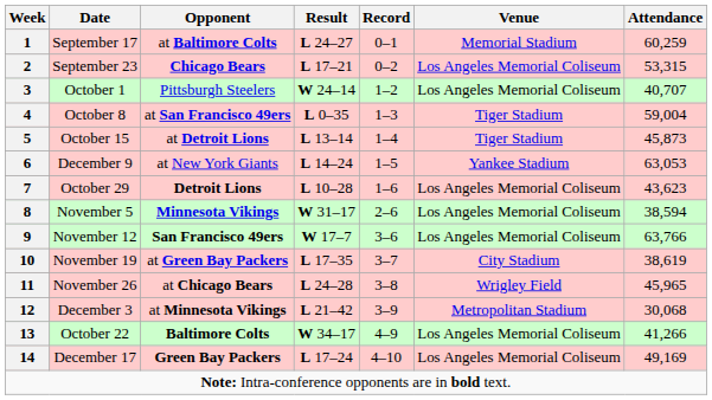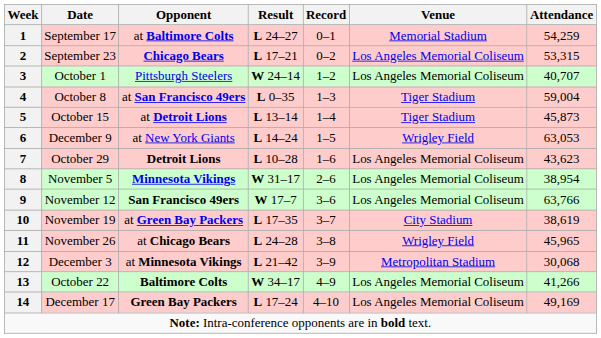 <table class="wikitable" style="text-align:center">
 <tr>
 <th>Week</th>
 <th>Date</th>
 <th>Opponent</th>
 <th>Result</th>
 <th>Record</th>
 <th>Venue</th>
 <th>Attendance</th>
 </tr>
 <tr style="background:#fcc">
 <th>1</th>
 <td>September 17</td>
 <td>at <strong><a href='#'>Baltimore Colts</a></strong></td>
 <td><strong>L</strong> 24–27</td>
 <td>0–1</td>
 <td><a href='#'>Memorial Stadium</a></td>
-<td>60,259</td>
+<td>54,259</td>
 </tr>
 <tr style="background:#fcc">
 <th>2</th>
 <td>September 23</td>
 <td><strong><a href='#'>Chicago Bears</a></strong></td>
 <td><strong>L</strong> 17–21</td>
 <td>0–2</td>
 <td><a href='#'>Los Angeles Memorial Coliseum</a></td>
 <td>53,315</td>
 </tr>
 <tr style="background:#cfc">
 <th>3</th>
 <td>October 1</td>
 <td><a href='#'>Pittsburgh Steelers</a></td>
 <td><strong>W</strong> 24–14</td>
 <td>1–2</td>
 <td>Los Angeles Memorial Coliseum</td>
 <td>40,707</td>
 </tr>
 <tr style="background:#fcc">
 <th>4</th>
 <td>October 8</td>
 <td>at <strong><a href='#'>San Francisco 49ers</a></strong></td>
 <td><strong>L</strong> 0–35</td>
 <td>1–3</td>
 <td><a href='#'>Tiger Stadium</a></td>
 <td>59,004</td>
 </tr>
 <tr style="background:#fcc">
 <th>5</th>
 <td>October 15</td>
 <td>at <strong><a href='#'>Detroit Lions</a></strong></td>
 <td><strong>L</strong> 13–14</td>
 <td>1–4</td>
 <td><a href='#'>Tiger Stadium</a></td>
 <td>45,873</td>
 </tr>
 <tr style="background:#fcc">
 <th>6</th>
 <td>December 9</td>
 <td>at <a href='#'>New York Giants</a></td>
 <td><strong>L</strong> 14–24</td>
 <td>1–5</td>
-<td><a href='#'>Yankee Stadium</a></td>
+<td><a href='#'>Wrigley Field</a></td>
 <td>63,053</td>
 </tr>
 <tr style="background:#fcc">
 <th>7</th>
 <td>October 29</td>
 <td><strong>Detroit Lions</strong></td>
 <td><strong>L</strong> 10–28</td>
 <td>1–6</td>
 <td>Los Angeles Memorial Coliseum</td>
 <td>43,623</td>
 </tr>
 <tr style="background:#cfc">
 <th>8</th>
 <td>November 5</td>
 <td><strong><a href='#'>Minnesota Vikings</a></strong></td>
 <td><strong>W</strong> 31–17</td>
 <td>2–6</td>
 <td>Los Angeles Memorial Coliseum</td>
-<td>38,594</td>
+<td>38,954</td>
 </tr>
 <tr style="background:#cfc">
 <th>9</th>
 <td>November 12</td>
 <td><strong>San Francisco 49ers</strong></td>
 <td><strong>W</strong> 17–7</td>
 <td>3–6</td>
 <td>Los Angeles Memorial Coliseum</td>
 <td>63,766</td>
 </tr>
 <tr style="background:#fcc">
 <th>10</th>
 <td>November 19</td>
 <td>at <strong><a href='#'>Green Bay Packers</a></strong></td>
 <td><strong>L</strong> 17–35</td>
 <td>3–7</td>
 <td><a href='#'>City Stadium</a></td>
 <td>38,619</td>
 </tr>
 <tr style="background:#fcc">
 <th>11</th>
 <td>November 26</td>
 <td>at <strong>Chicago Bears</strong></td>
 <td><strong>L</strong> 24–28</td>
 <td>3–8</td>
 <td><a href='#'>Wrigley Field</a></td>
 <td>45,965</td>
 </tr>
 <tr style="background:#fcc">
 <th>12</th>
 <td>December 3</td>
 <td>at <strong>Minnesota Vikings</strong></td>
 <td><strong>L</strong> 21–42</td>
 <td>3–9</td>
 <td><a href='#'>Metropolitan Stadium</a></td>
 <td>30,068</td>
 </tr>
 <tr style="background:#cfc">
 <th>13</th>
 <td>October 22</td>
 <td><strong>Baltimore Colts</strong></td>
 <td><strong>W</strong> 34–17</td>
 <td>4–9</td>
 <td>Los Angeles Memorial Coliseum</td>
 <td>41,266</td>
 </tr>
 <tr style="background:#fcc">
 <th>14</th>
 <td>December 17</td>
 <td><strong>Green Bay Packers</strong></td>
 <td><strong>L</strong> 17–24</td>
 <td>4–10</td>
 <td>Los Angeles Memorial Coliseum</td>
 <td>49,169</td>
 </tr>
 <tr>
 <td colspan="8"><strong>Note:</strong> Intra-conference opponents are in <strong>bold</strong> text.</td>
 </tr>
 </table>
